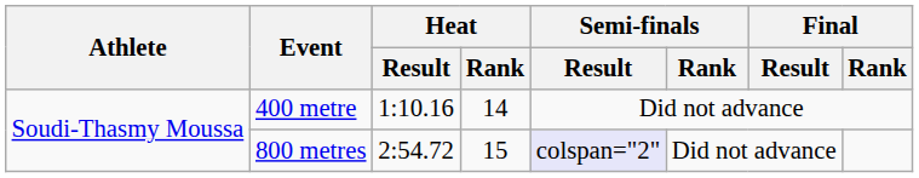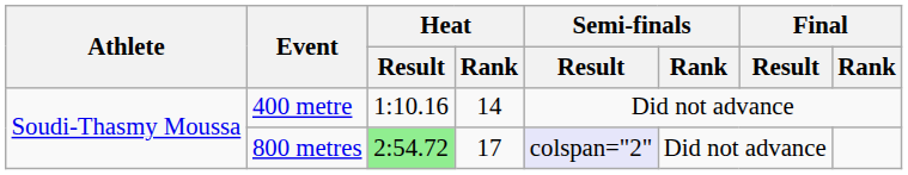 <table class="wikitable" style="font-size:90%; text-align:center">
 <tr>
 <th rowspan="2">Athlete</th>
 <th rowspan="2">Event</th>
 <th colspan="2">Heat</th>
 <th colspan="2">Semi-finals</th>
 <th colspan="2">Final</th>
 </tr>
 <tr>
 <th>Result</th>
 <th>Rank</th>
 <th>Result</th>
 <th>Rank</th>
 <th>Result</th>
 <th>Rank</th>
 </tr>
 <tr>
 <td align="left"  rowspan="2"><a href='#'>Soudi-Thasmy Moussa</a></td>
 <td align="left"><a href='#'> 400 metre</a></td>
 <td>1:10.16</td>
 <td>14</td>
 <td colspan="4">Did not advance</td>
 </tr>
 <tr>
 <td align="left"><a href='#'>800 metres</a></td>
-<td>2:54.72</td>
-<td>15</td>
+<td style="background: lightgreen;">2:54.72</td>
+<td>17</td>
 <td style="background: lavender;">colspan="2" </td>
 <td colspan="2">Did not advance</td>
 </tr>
 </table>
